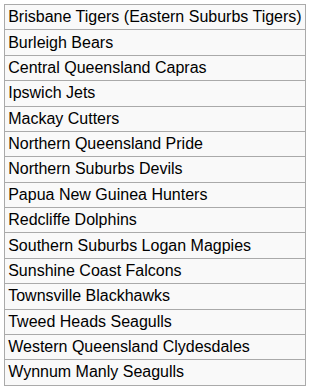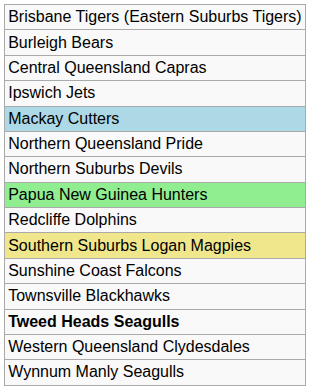 <table class="wikitable">
 <tr>
 <td> Brisbane Tigers (Eastern Suburbs Tigers)</td>
 </tr>
 <tr>
 <td> Burleigh Bears</td>
 </tr>
 <tr>
 <td> Central Queensland Capras</td>
 </tr>
 <tr>
 <td> Ipswich Jets</td>
 </tr>
 <tr>
-<td> Mackay Cutters</td>
+<td style="background: lightblue;"> Mackay Cutters</td>
 </tr>
 <tr>
 <td> Northern Queensland Pride</td>
 </tr>
 <tr>
 <td> Northern Suburbs Devils</td>
 </tr>
 <tr>
-<td> Papua New Guinea Hunters</td>
+<td style="background: lightgreen;"> Papua New Guinea Hunters</td>
 </tr>
 <tr>
 <td> Redcliffe Dolphins</td>
 </tr>
 <tr>
-<td> Southern Suburbs Logan Magpies</td>
+<td style="background: khaki;"> Southern Suburbs Logan Magpies</td>
 </tr>
 <tr>
 <td> Sunshine Coast Falcons</td>
 </tr>
 <tr>
 <td> Townsville Blackhawks</td>
 </tr>
 <tr>
-<td> Tweed Heads Seagulls</td>
+<td><strong> Tweed Heads Seagulls</strong></td>
 </tr>
 <tr>
 <td> Western Queensland Clydesdales</td>
 </tr>
 <tr>
 <td> Wynnum Manly Seagulls</td>
 </tr>
 </table>
